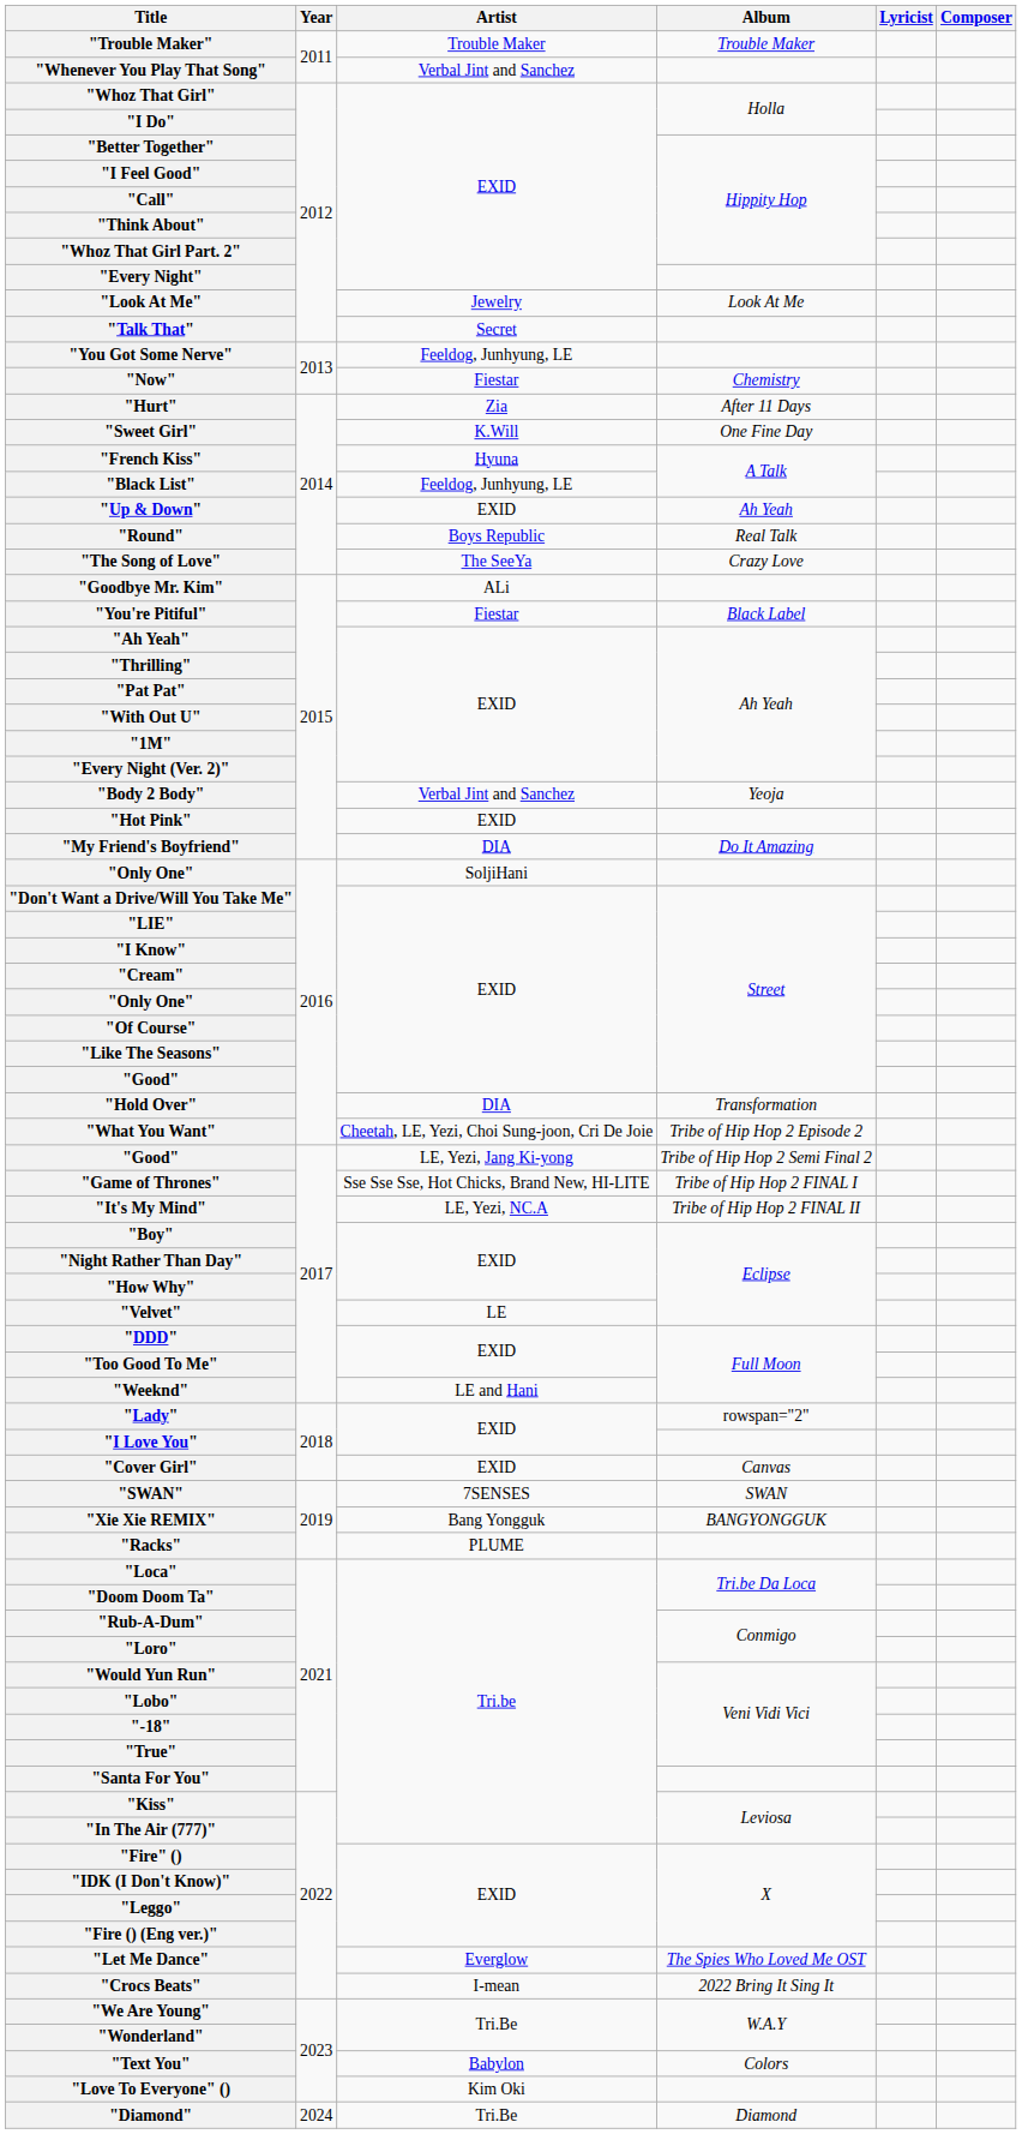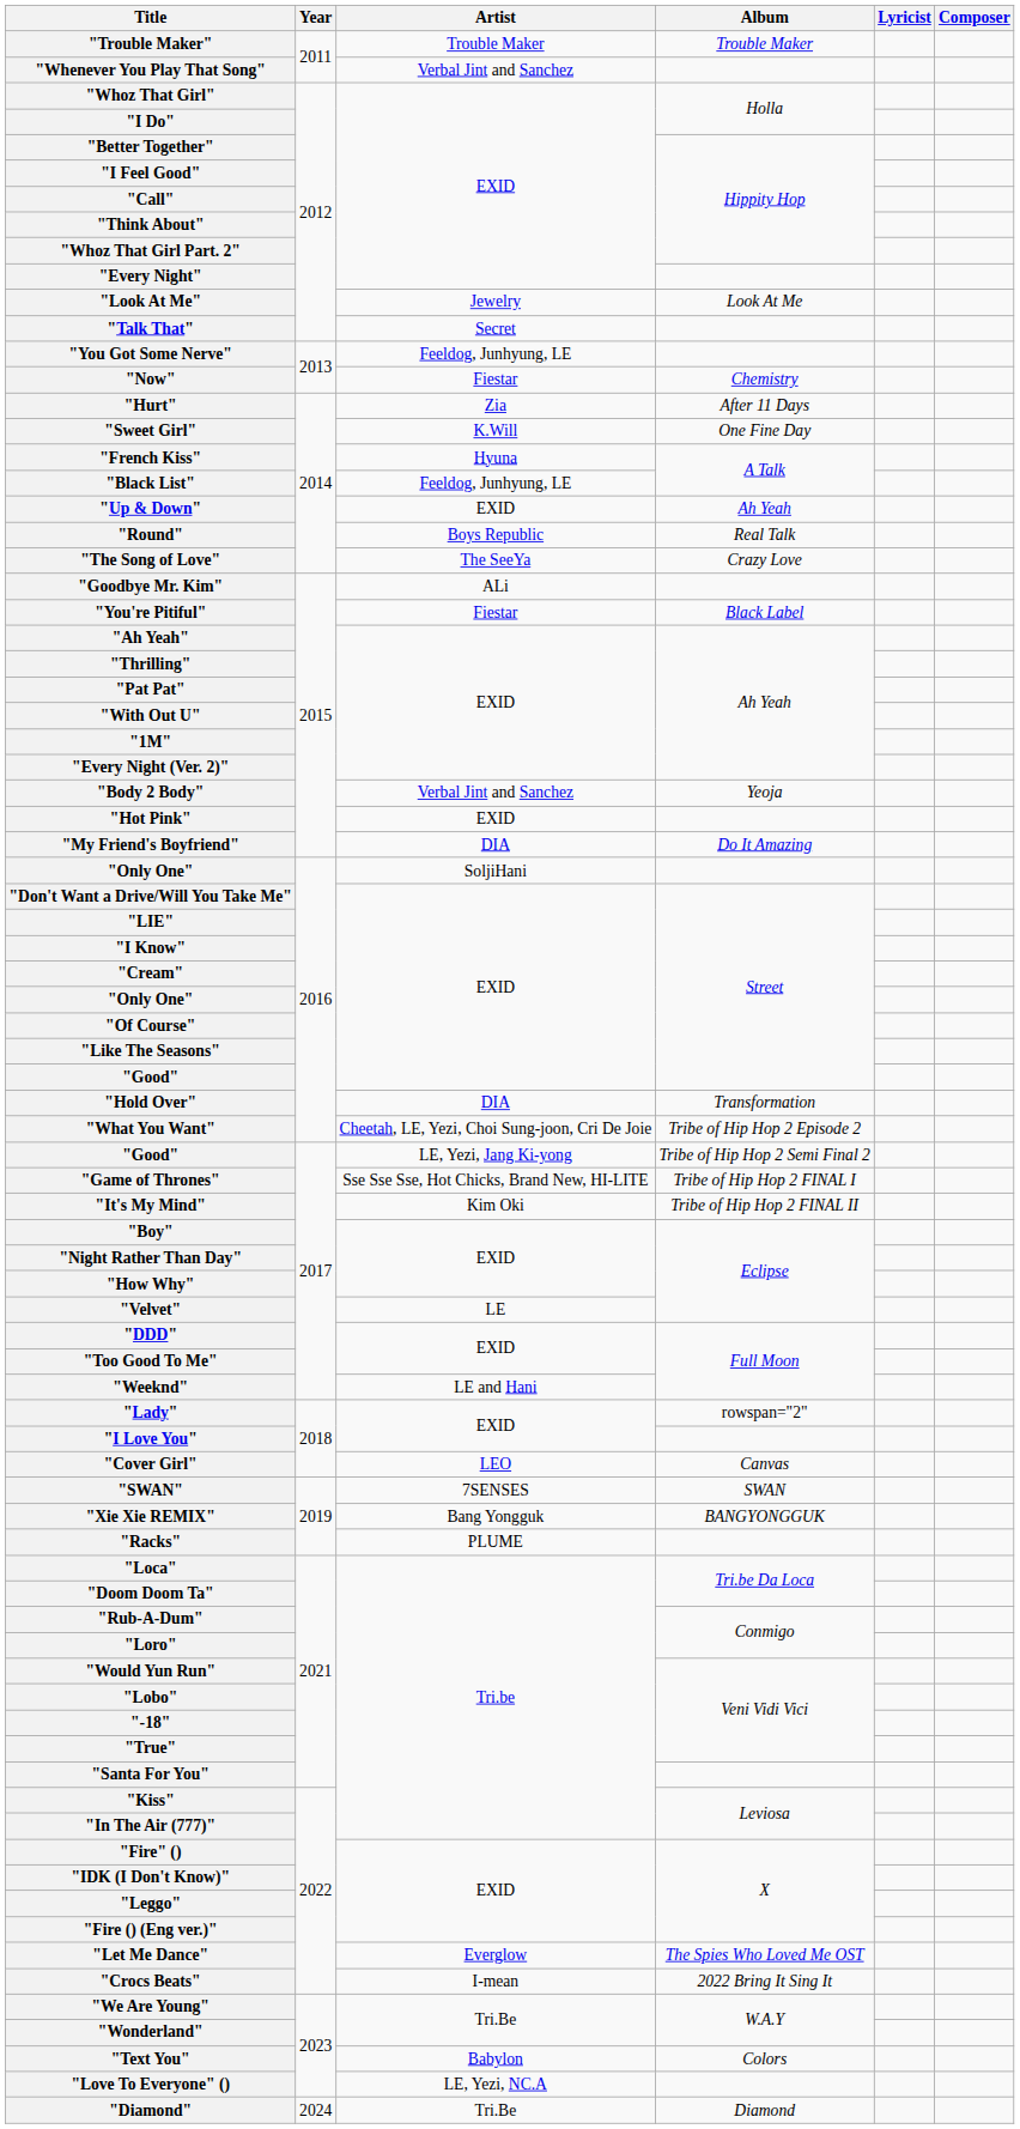 <table class="wikitable plainrowheaders sortable" style="text-align:center">
 <tr>
 <th scope="col">Title</th>
 <th scope="col">Year</th>
 <th scope="col">Artist</th>
 <th scope="col">Album</th>
 <th scope="col" class="unsortable" scope="col"><a href='#'>Lyricist</a></th>
 <th scope="col" class="unsortable" scope="col"><a href='#'>Composer</a></th>
 </tr>
 <tr>
 <th scope="row">"Trouble Maker"</th>
 <td rowspan="2">2011</td>
 <td><a href='#'>Trouble Maker</a></td>
 <td><em><a href='#'>Trouble Maker</a></em></td>
 <td></td>
 <td></td>
 </tr>
 <tr>
 <th scope="row">"Whenever You Play That Song"</th>
 <td><a href='#'>Verbal Jint</a> and <a href='#'>Sanchez</a><br></td>
 <td></td>
 <td></td>
 <td></td>
 </tr>
 <tr>
 <th scope="row">"Whoz That Girl"</th>
 <td rowspan="10">2012</td>
 <td rowspan="8"><a href='#'>EXID</a></td>
 <td rowspan="2"><em>Holla</em></td>
 <td></td>
 <td></td>
 </tr>
 <tr>
 <th scope="row">"I Do"</th>
 <td></td>
 <td></td>
 </tr>
 <tr>
 <th scope="row">"Better Together"</th>
 <td rowspan="5"><em><a href='#'>Hippity Hop</a></em></td>
 <td></td>
 <td></td>
 </tr>
 <tr>
 <th scope="row">"I Feel Good"</th>
 <td></td>
 <td></td>
 </tr>
 <tr>
 <th scope="row">"Call"</th>
 <td></td>
 <td></td>
 </tr>
 <tr>
 <th scope="row">"Think About"</th>
 <td></td>
 <td></td>
 </tr>
 <tr>
 <th scope="row">"Whoz That Girl Part. 2"</th>
 <td></td>
 <td></td>
 </tr>
 <tr>
 <th scope="row">"Every Night"</th>
 <td></td>
 <td></td>
 <td></td>
 </tr>
 <tr>
 <th scope="row">"Look At Me"</th>
 <td><a href='#'>Jewelry</a></td>
 <td><em>Look At Me</em></td>
 <td></td>
 <td></td>
 </tr>
 <tr>
 <th scope="row">"<a href='#'>Talk That</a>"</th>
 <td><a href='#'>Secret</a></td>
 <td></td>
 <td></td>
 <td></td>
 </tr>
 <tr>
 <th scope="row">"You Got Some Nerve"</th>
 <td rowspan="2">2013</td>
 <td><a href='#'>Feeldog</a>, Junhyung, LE</td>
 <td></td>
 <td></td>
 <td></td>
 </tr>
 <tr>
 <th scope="row">"Now"</th>
 <td><a href='#'>Fiestar</a></td>
 <td><em><a href='#'>Chemistry</a></em></td>
 <td></td>
 <td></td>
 </tr>
 <tr>
 <th scope="row">"Hurt"</th>
 <td rowspan="7">2014</td>
 <td><a href='#'>Zia</a><br></td>
 <td><em>After 11 Days</em></td>
 <td></td>
 <td></td>
 </tr>
 <tr>
 <th scope="row">"Sweet Girl"</th>
 <td><a href='#'>K.Will</a><br></td>
 <td><em>One Fine Day</em></td>
 <td></td>
 <td></td>
 </tr>
 <tr>
 <th scope="row">"French Kiss"</th>
 <td><a href='#'>Hyuna</a></td>
 <td rowspan="2"><em><a href='#'>A Talk</a></em></td>
 <td></td>
 <td></td>
 </tr>
 <tr>
 <th scope="row">"Black List"</th>
 <td><a href='#'>Feeldog</a>, Junhyung, LE</td>
 <td></td>
 <td></td>
 </tr>
 <tr>
 <th scope="row">"<a href='#'>Up & Down</a>"</th>
 <td>EXID</td>
 <td><em><a href='#'>Ah Yeah</a></em></td>
 <td></td>
 <td></td>
 </tr>
 <tr>
 <th scope="row">"Round"</th>
 <td><a href='#'>Boys Republic</a></td>
 <td><em>Real Talk</em></td>
 <td></td>
 <td></td>
 </tr>
 <tr>
 <th scope="row">"The Song of Love"</th>
 <td><a href='#'>The SeeYa</a><br></td>
 <td><em>Crazy Love</em></td>
 <td></td>
 <td></td>
 </tr>
 <tr>
 <th scope="row">"Goodbye Mr. Kim"</th>
 <td rowspan="11">2015</td>
 <td>ALi<br></td>
 <td></td>
 <td></td>
 <td></td>
 </tr>
 <tr>
 <th scope="row">"You're Pitiful"</th>
 <td><a href='#'>Fiestar</a></td>
 <td><a href='#'><em>Black Label</em></a></td>
 <td></td>
 <td></td>
 </tr>
 <tr>
 <th scope="row">"Ah Yeah"</th>
 <td rowspan="6">EXID</td>
 <td rowspan="6"><em>Ah Yeah</em></td>
 <td></td>
 <td></td>
 </tr>
 <tr>
 <th scope="row">"Thrilling"</th>
 <td></td>
 <td></td>
 </tr>
 <tr>
 <th scope="row">"Pat Pat"</th>
 <td></td>
 <td></td>
 </tr>
 <tr>
 <th scope="row">"With Out U"</th>
 <td></td>
 <td></td>
 </tr>
 <tr>
 <th scope="row">"1M"</th>
 <td></td>
 <td></td>
 </tr>
 <tr>
 <th scope="row">"Every Night (Ver. 2)"</th>
 <td></td>
 <td></td>
 </tr>
 <tr>
 <th scope="row">"Body 2 Body"</th>
 <td><a href='#'>Verbal Jint</a> and <a href='#'>Sanchez</a><br></td>
 <td><em>Yeoja</em></td>
 <td></td>
 <td></td>
 </tr>
 <tr>
 <th scope="row">"Hot Pink"</th>
 <td>EXID</td>
 <td></td>
 <td></td>
 <td></td>
 </tr>
 <tr>
 <th scope="row">"My Friend's Boyfriend"</th>
 <td><a href='#'>DIA</a></td>
 <td><em><a href='#'>Do It Amazing</a></em></td>
 <td></td>
 <td></td>
 </tr>
 <tr>
 <th scope="row">"Only One"</th>
 <td rowspan="11">2016</td>
 <td>SoljiHani</td>
 <td></td>
 <td></td>
 <td></td>
 </tr>
 <tr>
 <th scope="row">"Don't Want a Drive/Will You Take Me"</th>
 <td rowspan="8">EXID</td>
 <td rowspan="8"><a href='#'><em>Street</em></a></td>
 <td></td>
 <td></td>
 </tr>
 <tr>
 <th scope="row">"LIE"</th>
 <td></td>
 <td></td>
 </tr>
 <tr>
 <th scope="row">"I Know"</th>
 <td></td>
 <td></td>
 </tr>
 <tr>
 <th scope="row">"Cream"</th>
 <td></td>
 <td></td>
 </tr>
 <tr>
 <th scope="row">"Only One"</th>
 <td></td>
 <td></td>
 </tr>
 <tr>
 <th scope="row">"Of Course"</th>
 <td></td>
 <td></td>
 </tr>
 <tr>
 <th scope="row">"Like The Seasons"</th>
 <td></td>
 <td></td>
 </tr>
 <tr>
 <th scope="row">"Good"</th>
 <td></td>
 <td></td>
 </tr>
 <tr>
 <th scope="row">"Hold Over"</th>
 <td><a href='#'>DIA</a></td>
 <td><em>Transformation</em></td>
 <td></td>
 <td></td>
 </tr>
 <tr>
 <th scope="row">"What You Want"</th>
 <td><a href='#'>Cheetah</a>, LE, Yezi, Choi Sung-joon, Cri De Joie</td>
 <td><em>Tribe of Hip Hop 2 Episode 2</em></td>
 <td></td>
 <td></td>
 </tr>
 <tr>
 <th scope="row">"Good"</th>
 <td rowspan="10">2017</td>
 <td>LE, Yezi, <a href='#'>Jang Ki-yong</a></td>
 <td><em>Tribe of Hip Hop 2 Semi Final 2</em></td>
 <td></td>
 <td></td>
 </tr>
 <tr>
 <th scope="row">"Game of Thrones"</th>
 <td>Sse Sse Sse, Hot Chicks, Brand New, HI-LITE</td>
 <td><em>Tribe of Hip Hop 2 FINAL I</em></td>
 <td></td>
 <td></td>
 </tr>
 <tr>
 <th scope="row">"It's My Mind"</th>
-<td>LE, Yezi, <a href='#'>NC.A</a></td>
+<td>Kim Oki<br></td>
 <td><em>Tribe of Hip Hop 2 FINAL II</em></td>
 <td></td>
 <td></td>
 </tr>
 <tr>
 <th scope="row">"Boy"</th>
 <td rowspan="3">EXID</td>
 <td rowspan="4"><em><a href='#'>Eclipse</a></em></td>
 <td></td>
 <td></td>
 </tr>
 <tr>
 <th scope="row">"Night Rather Than Day"</th>
 <td></td>
 <td></td>
 </tr>
 <tr>
 <th scope="row">"How Why"</th>
 <td></td>
 <td></td>
 </tr>
 <tr>
 <th scope="row">"Velvet"</th>
 <td>LE</td>
 <td></td>
 <td></td>
 </tr>
 <tr>
 <th scope="row">"<a href='#'>DDD</a>"</th>
 <td rowspan="2">EXID</td>
 <td rowspan="3"><a href='#'><em>Full Moon</em></a></td>
 <td></td>
 <td></td>
 </tr>
 <tr>
 <th scope="row">"Too Good To Me"</th>
 <td></td>
 <td></td>
 </tr>
 <tr>
 <th scope="row">"Weeknd"</th>
 <td>LE and <a href='#'>Hani</a></td>
 <td></td>
 <td></td>
 </tr>
 <tr>
 <th scope="row">"<a href='#'>Lady</a>"</th>
 <td rowspan="3">2018</td>
 <td rowspan="2">EXID</td>
 <td>rowspan="2" </td>
 <td></td>
 <td></td>
 </tr>
 <tr>
 <th scope="row">"<a href='#'>I Love You</a>"</th>
 <td></td>
 <td></td>
 </tr>
 <tr>
 <th scope="row">"Cover Girl"</th>
-<td>EXID</td>
+<td><a href='#'>LEO</a><br></td>
 <td><em>Canvas</em></td>
 <td></td>
 <td></td>
 </tr>
 <tr>
 <th scope="row">"SWAN"</th>
 <td rowspan="3">2019</td>
 <td>7SENSES</td>
 <td><em>SWAN</em></td>
 <td></td>
 <td></td>
 </tr>
 <tr>
 <th scope="row">"Xie Xie REMIX"</th>
 <td>Bang Yongguk</td>
 <td><em>BANGYONGGUK</em></td>
 <td></td>
 <td></td>
 </tr>
 <tr>
 <th scope="row">"Racks"</th>
 <td>PLUME<br></td>
 <td></td>
 <td></td>
 <td></td>
 </tr>
 <tr>
 <th scope="row">"Loca"</th>
 <td rowspan="9">2021</td>
 <td rowspan="11"><a href='#'>Tri.be</a></td>
 <td rowspan="2"><em><a href='#'>Tri.be Da Loca</a></em></td>
 <td></td>
 <td></td>
 </tr>
 <tr>
 <th scope="row">"Doom Doom Ta"</th>
 <td></td>
 <td></td>
 </tr>
 <tr>
 <th scope="row">"Rub-A-Dum"</th>
 <td rowspan="2"><em>Conmigo</em></td>
 <td></td>
 <td></td>
 </tr>
 <tr>
 <th scope="row">"Loro"</th>
 <td></td>
 <td></td>
 </tr>
 <tr>
 <th scope="row">"Would Yun Run"</th>
 <td rowspan="4"><em>Veni Vidi Vici</em></td>
 <td></td>
 <td></td>
 </tr>
 <tr>
 <th scope="row">"Lobo"</th>
 <td></td>
 <td></td>
 </tr>
 <tr>
 <th scope="row">"-18"</th>
 <td></td>
 <td></td>
 </tr>
 <tr>
 <th scope="row">"True"</th>
 <td></td>
 <td></td>
 </tr>
 <tr>
 <th scope="row">"Santa For You"</th>
 <td></td>
 <td></td>
 <td></td>
 </tr>
 <tr>
 <th scope="row">"Kiss"</th>
 <td rowspan="8">2022</td>
 <td rowspan="2"><em>Leviosa</em></td>
 <td></td>
 <td></td>
 </tr>
 <tr>
 <th scope="row">"In The Air (777)"</th>
 <td></td>
 <td></td>
 </tr>
 <tr>
 <th scope="row">"Fire" ()</th>
 <td rowspan="4">EXID</td>
 <td rowspan="4"><em>X</em></td>
 <td></td>
 <td></td>
 </tr>
 <tr>
 <th scope="row">"IDK (I Don't Know)"</th>
 <td></td>
 <td></td>
 </tr>
 <tr>
 <th scope="row">"Leggo"</th>
 <td></td>
 <td></td>
 </tr>
 <tr>
 <th scope="row">"Fire () (Eng ver.)"</th>
 <td></td>
 <td></td>
 </tr>
 <tr>
 <th scope="row">"Let Me Dance"</th>
 <td><a href='#'>Everglow</a></td>
 <td><em><a href='#'>The Spies Who Loved Me OST</a></em></td>
 <td></td>
 <td></td>
 </tr>
 <tr>
 <th scope="row">"Crocs Beats"</th>
 <td>I-mean<br></td>
 <td><em>2022 Bring It Sing It</em></td>
 <td></td>
 <td></td>
 </tr>
 <tr>
 <th scope="row">"We Are Young"</th>
 <td rowspan="4">2023</td>
 <td rowspan="2">Tri.Be</td>
 <td rowspan="2"><em>W.A.Y</em></td>
 <td></td>
 <td></td>
 </tr>
 <tr>
 <th scope="row">"Wonderland"</th>
 <td></td>
 <td></td>
 </tr>
 <tr>
 <th scope="row">"Text You"</th>
 <td><a href='#'>Babylon</a><br></td>
 <td><em>Colors</em></td>
 <td></td>
 <td></td>
 </tr>
 <tr>
 <th scope="row">"Love To Everyone" ()</th>
-<td>Kim Oki<br></td>
+<td>LE, Yezi, <a href='#'>NC.A</a></td>
 <td></td>
 <td></td>
 <td></td>
 </tr>
 <tr>
 <th scope="row">"Diamond"</th>
 <td>2024</td>
 <td>Tri.Be</td>
 <td><em>Diamond</em></td>
 <td></td>
 <td></td>
 </tr>
 </table>
